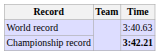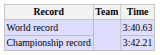 <table class="wikitable">
 <tr>
 <th>Record</th>
 <th>Team</th>
 <th>Time</th>
 </tr>
 <tr bgcolor=ddddff>
 <td>World record</td>
 <td rowspan="2"></td>
 <td>3:40.63</td>
 </tr>
 <tr bgcolor=ddddff>
 <td>Championship record</td>
-<td><strong>3:42.21</strong></td>
+<td>3:42.21</td>
 </tr>
 </table>
